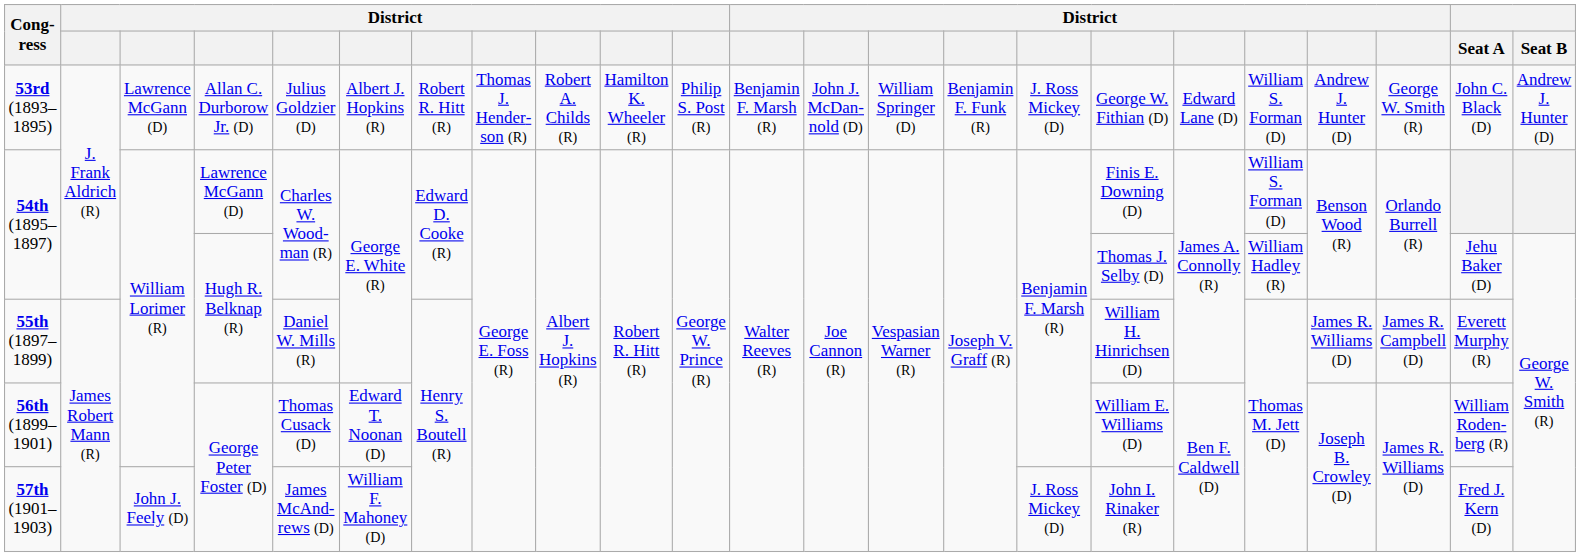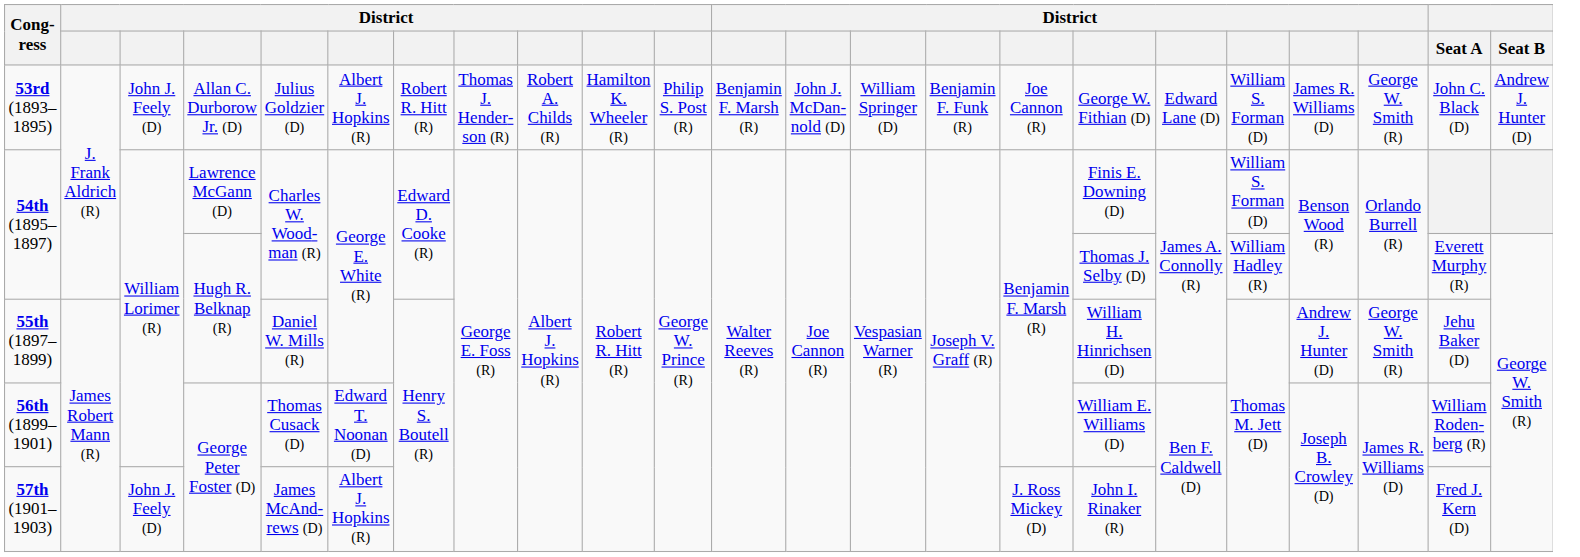 <table class=wikitable style="text-align:center">
 <tr>
 <th rowspan=2>Cong­ress</th>
 <th colspan=10>District</th>
 <th colspan=10>District</th>
 <th colspan=2></th>
 </tr>
 <tr style="height:2em">
 <th></th>
 <th></th>
 <th></th>
 <th></th>
 <th></th>
 <th></th>
 <th></th>
 <th></th>
 <th></th>
 <th></th>
 <th></th>
 <th></th>
 <th></th>
 <th></th>
 <th></th>
 <th></th>
 <th></th>
 <th></th>
 <th></th>
 <th></th>
 <th>Seat A</th>
 <th>Seat B</th>
 </tr>
 <tr style="height:2em">
 <td><strong><a href='#'>53rd</a></strong> (1893–1895)</td>
 <td rowspan=3 ><a href='#'>J. Frank Aldrich</a> <small>(R)</small></td>
-<td><a href='#'>Lawrence McGann</a> <small>(D)</small></td>
+<td><a href='#'>John J. Feely</a> <small>(D)</small></td>
 <td><a href='#'>Allan C. Durborow Jr.</a> <small>(D)</small></td>
 <td><a href='#'>Julius Goldzier</a> <small>(D)</small></td>
 <td><a href='#'>Albert J. Hopkins</a> <small>(R)</small></td>
 <td><a href='#'>Robert R. Hitt</a> <small>(R)</small></td>
 <td><a href='#'>Thomas J.<br>Hender­son</a> <small>(R)</small></td>
 <td><a href='#'>Robert A. Childs</a> <small>(R)</small></td>
 <td><a href='#'>Hamilton K. Wheeler</a> <small>(R)</small></td>
 <td><a href='#'>Philip S. Post</a> <small>(R)</small></td>
 <td><a href='#'>Benjamin F. Marsh</a> <small>(R)</small></td>
 <td><a href='#'>John J.<br>McDan­nold</a> <small>(D)</small></td>
 <td><a href='#'>William Springer</a> <small>(D)</small></td>
 <td><a href='#'>Benjamin F. Funk</a> <small>(R)</small></td>
-<td><a href='#'>J. Ross Mickey</a> <small>(D)</small></td>
+<td><a href='#'>Joe Cannon</a> <small>(R)</small></td>
 <td><a href='#'>George W. Fithian</a> <small>(D)</small></td>
 <td><a href='#'>Edward Lane</a> <small>(D)</small></td>
 <td><a href='#'>William S. Forman</a> <small>(D)</small></td>
-<td><a href='#'>Andrew J. Hunter</a> <small>(D)</small></td>
+<td><a href='#'>James R. Williams</a> <small>(D)</small></td>
 <td><a href='#'>George W. Smith</a> <small>(R)</small></td>
 <td><a href='#'>John C. Black</a> <small>(D)</small></td>
 <td><a href='#'>Andrew J. Hunter</a> <small>(D)</small></td>
 </tr>
 <tr style="height:2em">
 <td rowspan=2><strong><a href='#'>54th</a></strong> (1895–1897)</td>
 <td rowspan=4 ><a href='#'>William Lorimer</a> <small>(R)</small></td>
 <td><a href='#'>Lawrence McGann</a> <small>(D)</small></td>
 <td rowspan=2 ><a href='#'>Charles W. Wood­man</a> <small>(R)</small></td>
 <td rowspan=3 ><a href='#'>George E. White</a> <small>(R)</small></td>
 <td rowspan=2 ><a href='#'>Edward D. Cooke</a> <small>(R)</small></td>
 <td rowspan=5 ><a href='#'>George E. Foss</a> <small>(R)</small></td>
 <td rowspan=5 ><a href='#'>Albert J. Hopkins</a> <small>(R)</small></td>
 <td rowspan=5 ><a href='#'>Robert R. Hitt</a> <small>(R)</small></td>
 <td rowspan=5 ><a href='#'>George W. Prince</a> <small>(R)</small></td>
 <td rowspan=5 ><a href='#'>Walter Reeves</a> <small>(R)</small></td>
 <td rowspan=5 ><a href='#'>Joe Cannon</a> <small>(R)</small></td>
 <td rowspan=5 ><a href='#'>Vespasian Warner</a> <small>(R)</small></td>
 <td rowspan=5 ><a href='#'>Joseph V. Graff</a> <small>(R)</small></td>
 <td rowspan=4 ><a href='#'>Benjamin F. Marsh</a> <small>(R)</small></td>
 <td><a href='#'>Finis E. Downing</a> <small>(D)</small></td>
 <td rowspan=3 ><a href='#'>James A. Connolly</a> <small>(R)</small></td>
 <td><a href='#'>William S. Forman</a> <small>(D)</small></td>
 <td rowspan=2 ><a href='#'>Benson Wood</a> <small>(R)</small></td>
 <td rowspan=2 ><a href='#'>Orlando Burrell</a> <small>(R)</small></td>
 <th></th>
 <th></th>
 </tr>
 <tr style="height:2em">
 <td rowspan=2 ><a href='#'>Hugh R. Belknap</a> <small>(R)</small></td>
 <td><a href='#'>Thomas J. Selby</a> <small>(D)</small></td>
 <td><a href='#'>William Hadley</a> <small>(R)</small></td>
-<td><a href='#'>Jehu Baker</a> <small>(D)</small></td>
+<td><a href='#'>Everett Murphy</a> <small>(R)</small></td>
 <td rowspan=4 ><a href='#'>George W. Smith</a> <small>(R)</small></td>
 </tr>
 <tr style="height:2em">
 <td><strong><a href='#'>55th</a></strong> (1897–1899)</td>
 <td rowspan=3 ><a href='#'>James Robert Mann</a> <small>(R)</small></td>
 <td><a href='#'>Daniel W. Mills</a> <small>(R)</small></td>
 <td rowspan=3 ><a href='#'>Henry S. Boutell</a> <small>(R)</small></td>
 <td><a href='#'>William H. Hinrichsen</a> <small>(D)</small></td>
 <td rowspan=3 ><a href='#'>Thomas M. Jett</a> <small>(D)</small></td>
-<td><a href='#'>James R. Williams</a> <small>(D)</small></td>
-<td><a href='#'>James R. Campbell</a> <small>(D)</small></td>
-<td><a href='#'>Everett Murphy</a> <small>(R)</small></td>
+<td><a href='#'>Andrew J. Hunter</a> <small>(D)</small></td>
+<td><a href='#'>George W. Smith</a> <small>(R)</small></td>
+<td><a href='#'>Jehu Baker</a> <small>(D)</small></td>
 </tr>
 <tr style="height:2em">
 <td><strong><a href='#'>56th</a></strong> (1899–1901)</td>
 <td rowspan=2 ><a href='#'>George Peter Foster</a> <small>(D)</small></td>
 <td><a href='#'>Thomas Cusack</a> <small>(D)</small></td>
 <td><a href='#'>Edward T. Noonan</a> <small>(D)</small></td>
 <td><a href='#'>William E. Williams</a> <small>(D)</small></td>
 <td rowspan=2 ><a href='#'>Ben F. Caldwell</a> <small>(D)</small></td>
 <td rowspan=2 ><a href='#'>Joseph B. Crowley</a> <small>(D)</small></td>
 <td rowspan=2 ><a href='#'>James R. Williams</a> <small>(D)</small></td>
 <td><a href='#'>William Roden­berg</a> <small>(R)</small></td>
 </tr>
 <tr style="height:2em">
 <td><strong><a href='#'>57th</a></strong> (1901–1903)</td>
 <td><a href='#'>John J. Feely</a> <small>(D)</small></td>
 <td><a href='#'>James McAnd­rews</a> <small>(D)</small></td>
-<td><a href='#'>William F. Mahoney</a> <small>(D)</small></td>
+<td><a href='#'>Albert J. Hopkins</a> <small>(R)</small></td>
 <td><a href='#'>J. Ross Mickey</a> <small>(D)</small></td>
 <td><a href='#'>John I. Rinaker</a> <small>(R)</small></td>
 <td><a href='#'>Fred J. Kern</a> <small>(D)</small></td>
 </tr>
 </table>
